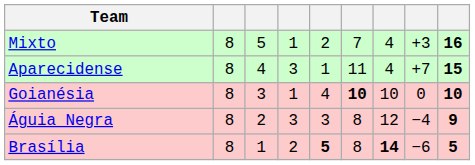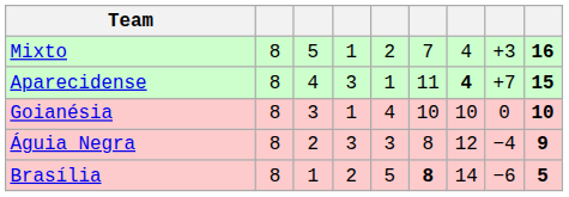 <table class="wikitable" style="text-align: center;">
 <tr>
 <th width=165>Team</th>
 <th width=20></th>
 <th width=20></th>
 <th width=20></th>
 <th width=20></th>
 <th width=20></th>
 <th width=20></th>
 <th width=20></th>
 <th width=20></th>
 </tr>
 <tr bgcolor=#ccffcc>
 <td align=left> <a href='#'>Mixto</a></td>
 <td>8</td>
 <td>5</td>
 <td>1</td>
 <td>2</td>
 <td>7</td>
 <td>4</td>
 <td>+3</td>
 <td><strong>16</strong></td>
 </tr>
 <tr bgcolor=#ccffcc>
 <td align=left> <a href='#'>Aparecidense</a></td>
 <td>8</td>
 <td>4</td>
 <td>3</td>
 <td>1</td>
 <td>11</td>
-<td>4</td>
+<td><strong>4</strong></td>
 <td>+7</td>
 <td><strong>15</strong></td>
 </tr>
 <tr bgcolor=#FDCBCC>
 <td align=left> <a href='#'>Goianésia</a></td>
 <td>8</td>
 <td>3</td>
 <td>1</td>
 <td>4</td>
-<td><strong>10</strong></td>
+<td>10</td>
 <td>10</td>
 <td>0</td>
 <td><strong>10</strong></td>
 </tr>
 <tr bgcolor=#FDCBCC>
 <td align=left> <a href='#'>Águia Negra</a></td>
 <td>8</td>
 <td>2</td>
 <td>3</td>
 <td>3</td>
 <td>8</td>
 <td>12</td>
 <td>−4</td>
 <td><strong>9</strong></td>
 </tr>
 <tr bgcolor=#FDCBCC>
 <td align=left> <a href='#'>Brasília</a></td>
 <td>8</td>
 <td>1</td>
 <td>2</td>
-<td><strong>5</strong></td>
-<td>8</td>
-<td><strong>14</strong></td>
+<td>5</td>
+<td><strong>8</strong></td>
+<td>14</td>
 <td>−6</td>
 <td><strong>5</strong></td>
 </tr>
 </table>
